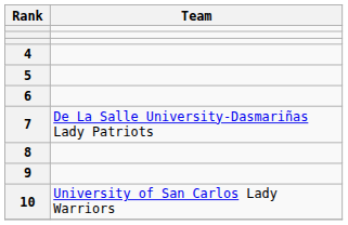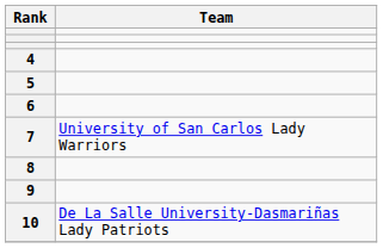 <table class="wikitable" style="text-align: center;">
 <tr>
 <th width=40>Rank</th>
 <th width=290>Team</th>
 </tr>
 <tr>
 <th></th>
 <td style="text-align:left;"></td>
 </tr>
 <tr>
 <th></th>
 <td style="text-align:left;"></td>
 </tr>
 <tr>
 <th></th>
 <td style="text-align:left;"></td>
 </tr>
 <tr>
 <th>4</th>
 <td style="text-align:left;"></td>
 </tr>
 <tr>
 <th>5</th>
 <td style="text-align:left;"></td>
 </tr>
 <tr>
 <th>6</th>
 <td style="text-align:left;"></td>
 </tr>
 <tr>
 <th>7</th>
-<td style="text-align:left;"> <a href='#'>De La Salle University-Dasmariñas</a> Lady Patriots</td>
+<td style="text-align:left;"> <a href='#'>University of San Carlos</a> Lady Warriors</td>
 </tr>
 <tr>
 <th>8</th>
 <td style="text-align:left;"></td>
 </tr>
 <tr>
 <th>9</th>
 <td style="text-align:left;"></td>
 </tr>
 <tr>
 <th>10</th>
-<td style="text-align:left;"> <a href='#'>University of San Carlos</a> Lady Warriors</td>
+<td style="text-align:left;"> <a href='#'>De La Salle University-Dasmariñas</a> Lady Patriots</td>
 </tr>
 <tr>
 </tr>
 </table>
